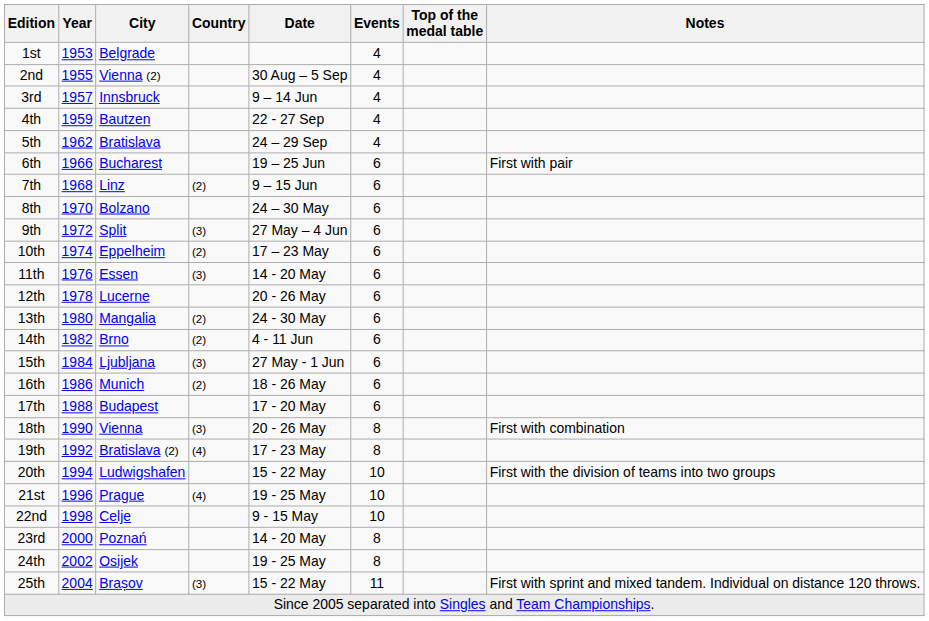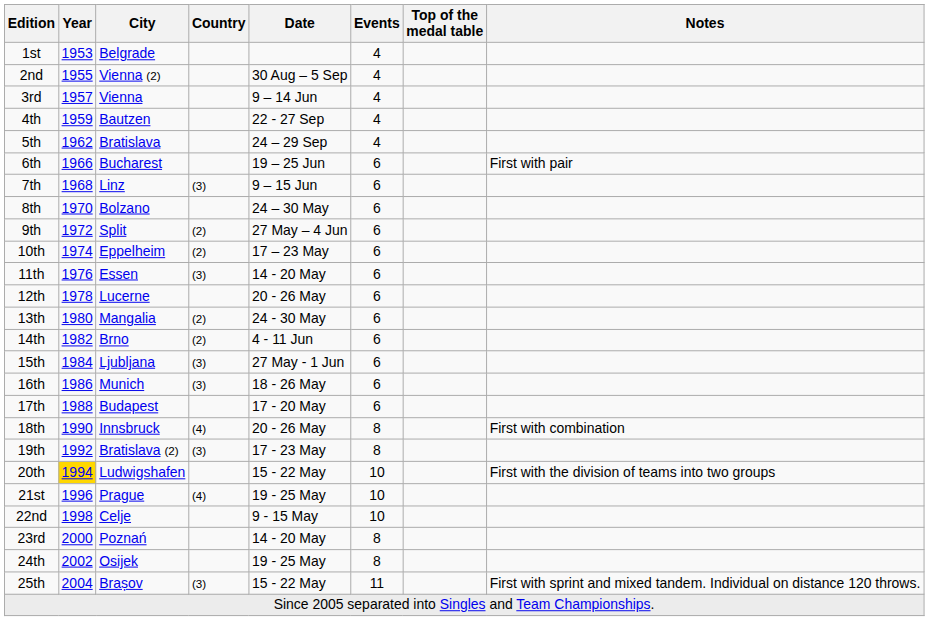 <table class="wikitable sortable" style="text-align:left; font-size:90%;">
 <tr>
 <th>Edition</th>
 <th>Year</th>
 <th>City</th>
 <th>Country</th>
 <th>Date</th>
 <th>Events</th>
 <th>Top of the<br>medal table</th>
 <th>Notes</th>
 </tr>
 <tr>
 <td align=center>1st</td>
 <td align=center><a href='#'>1953</a></td>
 <td><a href='#'>Belgrade</a></td>
 <td></td>
 <td></td>
 <td align=center>4</td>
 <td></td>
 <td></td>
 </tr>
 <tr>
 <td align=center>2nd</td>
 <td align=center><a href='#'>1955</a></td>
 <td><a href='#'>Vienna</a> <small>(2)</small></td>
 <td></td>
 <td>30 Aug – 5 Sep</td>
 <td align=center>4</td>
 <td></td>
 <td></td>
 </tr>
 <tr>
 <td align=center>3rd</td>
 <td align=center><a href='#'>1957</a></td>
-<td><a href='#'>Innsbruck</a></td>
+<td><a href='#'>Vienna</a></td>
 <td></td>
 <td>9 – 14 Jun</td>
 <td align=center>4</td>
 <td></td>
 <td></td>
 </tr>
 <tr>
 <td align=center>4th</td>
 <td align=center><a href='#'>1959</a></td>
 <td><a href='#'>Bautzen</a></td>
 <td></td>
 <td>22 - 27 Sep</td>
 <td align=center>4</td>
 <td></td>
 <td></td>
 </tr>
 <tr>
 <td align=center>5th</td>
 <td align=center><a href='#'>1962</a></td>
 <td><a href='#'>Bratislava</a></td>
 <td></td>
 <td>24 – 29 Sep</td>
 <td align=center>4</td>
 <td></td>
 <td></td>
 </tr>
 <tr>
 <td align=center>6th</td>
 <td align=center><a href='#'>1966</a></td>
 <td><a href='#'>Bucharest</a></td>
 <td></td>
 <td>19 – 25 Jun</td>
 <td align=center>6</td>
 <td></td>
 <td>First with pair</td>
 </tr>
 <tr>
 <td align=center>7th</td>
 <td align=center><a href='#'>1968</a></td>
 <td><a href='#'>Linz</a></td>
-<td> <small>(2)</small></td>
+<td> <small>(3)</small></td>
 <td>9 – 15 Jun</td>
 <td align=center>6</td>
 <td></td>
 <td></td>
 </tr>
 <tr>
 <td align=center>8th</td>
 <td align=center><a href='#'>1970</a></td>
 <td><a href='#'>Bolzano</a></td>
 <td></td>
 <td>24 – 30 May</td>
 <td align=center>6</td>
 <td></td>
 <td></td>
 </tr>
 <tr>
 <td align=center>9th</td>
 <td align=center><a href='#'>1972</a></td>
 <td><a href='#'>Split</a></td>
-<td> <small>(3)</small></td>
+<td> <small>(2)</small></td>
 <td>27 May – 4 Jun</td>
 <td align=center>6</td>
 <td></td>
 <td></td>
 </tr>
 <tr>
 <td align=center>10th</td>
 <td align=center><a href='#'>1974</a></td>
 <td><a href='#'>Eppelheim</a></td>
 <td> <small>(2)</small></td>
 <td>17 – 23 May</td>
 <td align=center>6</td>
 <td></td>
 <td></td>
 </tr>
 <tr>
 <td align=center>11th</td>
 <td align=center><a href='#'>1976</a></td>
 <td><a href='#'>Essen</a></td>
 <td> <small>(3)</small></td>
 <td>14 - 20 May</td>
 <td align=center>6</td>
 <td></td>
 <td></td>
 </tr>
 <tr>
 <td align=center>12th</td>
 <td align=center><a href='#'>1978</a></td>
 <td><a href='#'>Lucerne</a></td>
 <td></td>
 <td>20 - 26 May</td>
 <td align=center>6</td>
 <td></td>
 <td></td>
 </tr>
 <tr>
 <td align=center>13th</td>
 <td align=center><a href='#'>1980</a></td>
 <td><a href='#'>Mangalia</a></td>
 <td> <small>(2)</small></td>
 <td>24 - 30 May</td>
 <td align=center>6</td>
 <td></td>
 <td></td>
 </tr>
 <tr>
 <td align=center>14th</td>
 <td align=center><a href='#'>1982</a></td>
 <td><a href='#'>Brno</a></td>
 <td> <small>(2)</small></td>
 <td>4 - 11 Jun</td>
 <td align=center>6</td>
 <td></td>
 <td></td>
 </tr>
 <tr>
 <td align=center>15th</td>
 <td align=center><a href='#'>1984</a></td>
 <td><a href='#'>Ljubljana</a></td>
 <td> <small>(3)</small></td>
 <td>27 May - 1 Jun</td>
 <td align=center>6</td>
 <td></td>
 <td></td>
 </tr>
 <tr>
 <td align=center>16th</td>
 <td align=center><a href='#'>1986</a></td>
 <td><a href='#'>Munich</a></td>
-<td> <small>(2)</small></td>
+<td> <small>(3)</small></td>
 <td>18 - 26 May</td>
 <td align=center>6</td>
 <td></td>
 <td></td>
 </tr>
 <tr>
 <td align=center>17th</td>
 <td align=center><a href='#'>1988</a></td>
 <td><a href='#'>Budapest</a></td>
 <td></td>
 <td>17 - 20 May</td>
 <td align=center>6</td>
 <td></td>
 <td></td>
 </tr>
 <tr>
 <td align=center>18th</td>
 <td align=center><a href='#'>1990</a></td>
-<td><a href='#'>Vienna</a></td>
-<td> <small>(3)</small></td>
+<td><a href='#'>Innsbruck</a></td>
+<td> <small>(4)</small></td>
 <td>20 - 26 May</td>
 <td align=center>8</td>
 <td></td>
 <td>First with combination</td>
 </tr>
 <tr>
 <td align=center>19th</td>
 <td align=center><a href='#'>1992</a></td>
 <td><a href='#'>Bratislava</a> <small>(2)</small></td>
-<td> <small>(4)</small></td>
+<td> <small>(3)</small></td>
 <td>17 - 23 May</td>
 <td align=center>8</td>
 <td></td>
 <td></td>
 </tr>
 <tr>
 <td align=center>20th</td>
-<td align=center><a href='#'>1994</a></td>
+<td align=center style="background: gold;"><a href='#'>1994</a></td>
 <td><a href='#'>Ludwigshafen</a></td>
 <td></td>
 <td>15 - 22 May</td>
 <td align=center>10</td>
 <td></td>
 <td>First with the division of teams into two groups</td>
 </tr>
 <tr>
 <td align=center>21st</td>
 <td align=center><a href='#'>1996</a></td>
 <td><a href='#'>Prague</a></td>
 <td> <small>(4)</small></td>
 <td>19 - 25 May</td>
 <td align=center>10</td>
 <td></td>
 <td></td>
 </tr>
 <tr>
 <td align=center>22nd</td>
 <td align=center><a href='#'>1998</a></td>
 <td><a href='#'>Celje</a></td>
 <td></td>
 <td>9 - 15 May</td>
 <td align=center>10</td>
 <td></td>
 <td></td>
 </tr>
 <tr>
 <td align=center>23rd</td>
 <td align=center><a href='#'>2000</a></td>
 <td><a href='#'>Poznań</a></td>
 <td></td>
 <td>14 - 20 May</td>
 <td align=center>8</td>
 <td></td>
 <td></td>
 </tr>
 <tr>
 <td align=center>24th</td>
 <td align=center><a href='#'>2002</a></td>
 <td><a href='#'>Osijek</a></td>
 <td></td>
 <td>19 - 25 May</td>
 <td align=center>8</td>
 <td></td>
 <td></td>
 </tr>
 <tr>
 <td align=center>25th</td>
 <td align=center><a href='#'>2004</a></td>
 <td><a href='#'>Brașov</a></td>
 <td> <small>(3)</small></td>
 <td>15 - 22 May</td>
 <td align=center>11</td>
 <td></td>
 <td>First with sprint and mixed tandem. Individual on distance 120 throws.</td>
 </tr>
 <tr>
 <td colspan=8 align=center style="background: #ececec;">Since 2005 separated into <a href='#'>Singles</a> and <a href='#'>Team Championships</a>.</td>
 </tr>
 </table>
